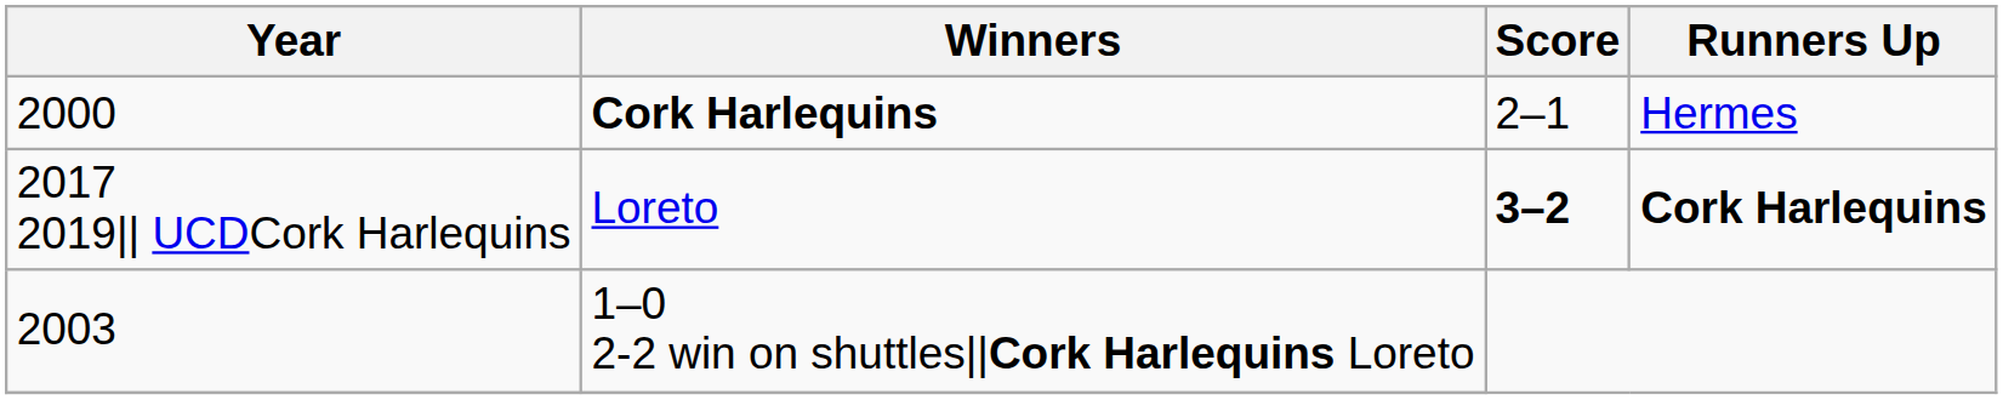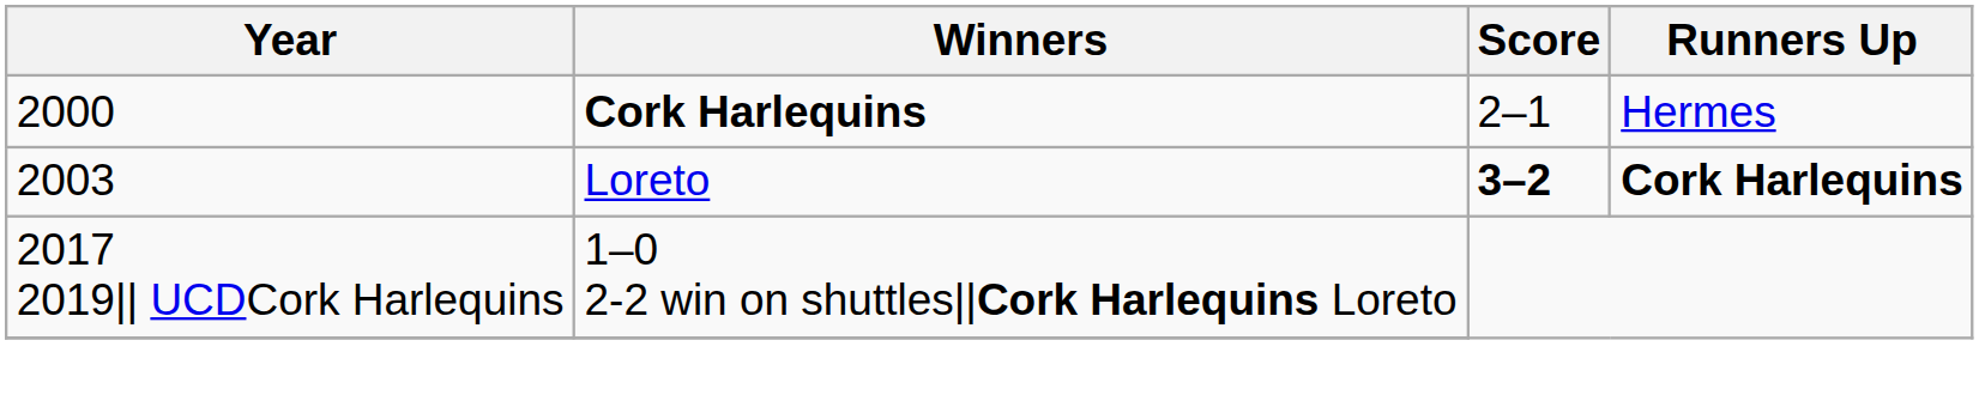 <table class="wikitable collapsible">
 <tr>
 <th>Year</th>
 <th>Winners</th>
 <th>Score</th>
 <th>Runners Up</th>
 </tr>
 <tr>
 <td>2000</td>
 <td><strong>Cork Harlequins</strong></td>
 <td>2–1</td>
 <td><a href='#'>Hermes</a></td>
 </tr>
 <tr>
-<td>2017<br>2019|| <a href='#'>UCD</a>Cork Harlequins</td>
+<td>2003</td>
 <td><a href='#'>Loreto</a></td>
 <td><strong>3–2 </strong></td>
 <td><strong>Cork Harlequins</strong></td>
 </tr>
 <tr>
-<td>2003</td>
+<td>2017<br>2019|| <a href='#'>UCD</a>Cork Harlequins</td>
 <td>1–0<br>2-2 win on shuttles||<strong>Cork Harlequins</strong> Loreto</td>
 </tr>
 <tr>
 </tr>
 </table>
